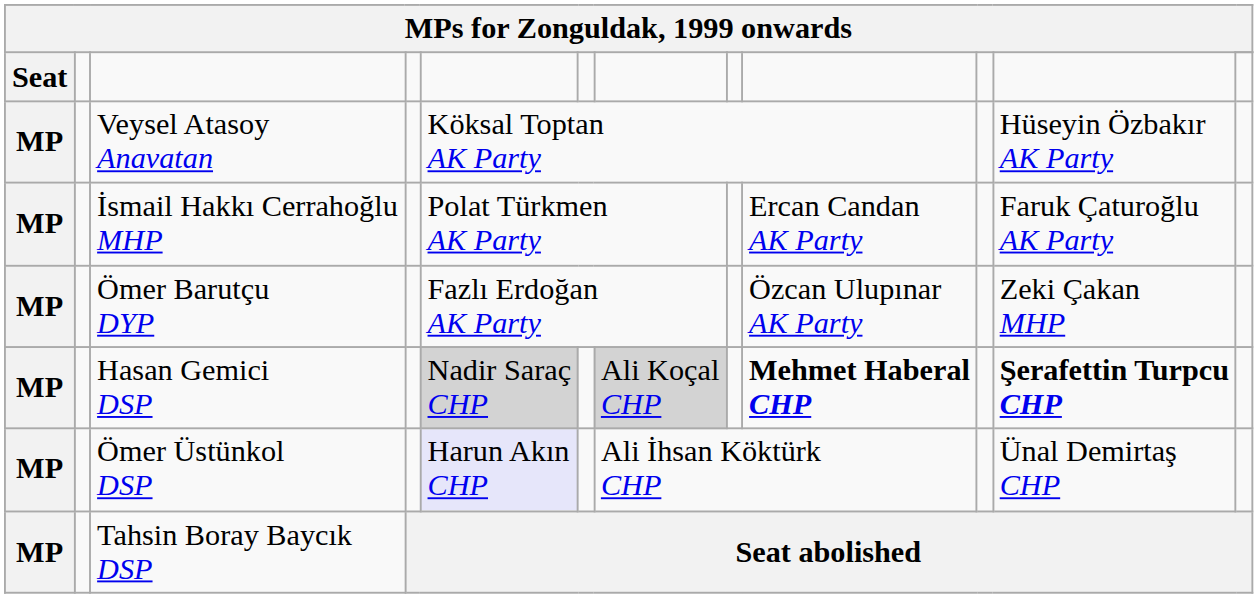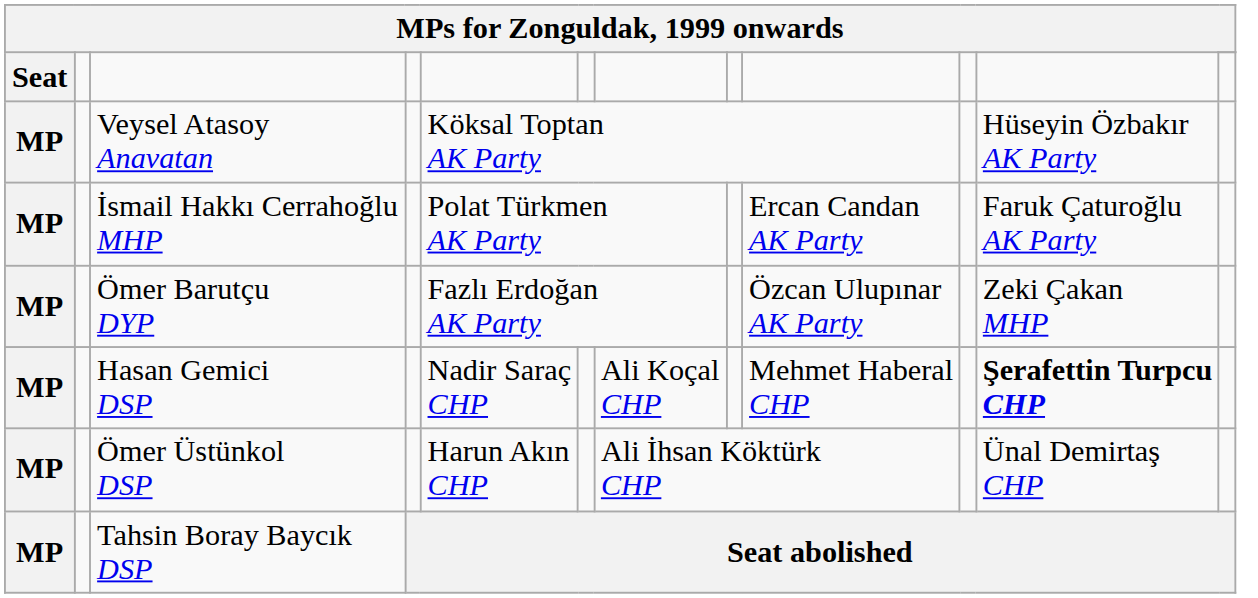 <table class="wikitable">
 <tr>
 <th colspan = 12>MPs for Zonguldak, 1999 onwards</th>
 </tr>
 <tr>
 <th rowspan = 2>Seat</th>
 <td rowspan="2" style="width:1px;"></td>
 <td rowspan = 2></td>
 <td rowspan="2" style="width:1px;"></td>
 <td rowspan = 2></td>
 <td rowspan="2" style="width:1px;"></td>
 <td rowspan = 2></td>
 <td rowspan="2" style="width:1px;"></td>
 <td rowspan = 2></td>
 <td rowspan="2" style="width:1px;"></td>
 <td rowspan = 2></td>
 </tr>
 <tr>
 <td></td>
 </tr>
 <tr>
 <th>MP</th>
 <td width=1px style="background-color: "></td>
 <td colspan = 1>Veysel Atasoy<br><em><a href='#'>Anavatan</a></em></td>
 <td width=1px style="background-color: "></td>
 <td colspan = 5>Köksal Toptan<br><em><a href='#'>AK Party</a></em></td>
 <td width=1px style="background-color: "></td>
 <td colspan = 1>Hüseyin Özbakır<br><em><a href='#'>AK Party</a></em></td>
 <td width=1px style="background-color: "></td>
 </tr>
 <tr>
 <th>MP</th>
 <td width=1px style="background-color: "></td>
 <td colspan = 1>İsmail Hakkı Cerrahoğlu<br><em><a href='#'>MHP</a></em></td>
 <td width=1px style="background-color: "></td>
 <td colspan = 3>Polat Türkmen<br><em><a href='#'>AK Party</a></em></td>
 <td width=1px style="background-color: "></td>
 <td colspan = 1>Ercan Candan<br><em><a href='#'>AK Party</a></em></td>
 <td width=1px style="background-color: "></td>
 <td colspan = 1>Faruk Çaturoğlu<br><em><a href='#'>AK Party</a></em></td>
 <td width=1px style="background-color: "></td>
 </tr>
 <tr>
 <th>MP</th>
 <td width=1px style="background-color: "></td>
 <td colspan = 1>Ömer Barutçu<br><em><a href='#'>DYP</a></em></td>
 <td width=1px style="background-color: "></td>
 <td colspan = 3>Fazlı Erdoğan<br><em><a href='#'>AK Party</a></em></td>
 <td width=1px style="background-color: "></td>
 <td colspan = 1>Özcan Ulupınar<br><em><a href='#'>AK Party</a></em></td>
 <td width=1px style="background-color: "></td>
 <td colspan = 1>Zeki Çakan<br><em><a href='#'>MHP</a></em></td>
 <td width=1px style="background-color: "></td>
 </tr>
 <tr>
 <th>MP</th>
 <td width=1px style="background-color: "></td>
 <td colspan = 1>Hasan Gemici<br><em><a href='#'>DSP</a></em></td>
 <td width=1px style="background-color: "></td>
-<td colspan = 1 style="background: lightgrey;">Nadir Saraç<br><em><a href='#'>CHP</a></em></td>
+<td colspan = 1>Nadir Saraç<br><em><a href='#'>CHP</a></em></td>
 <td width=1px style="background-color: "></td>
-<td colspan = 1 style="background: lightgrey;">Ali Koçal<br><em><a href='#'>CHP</a></em></td>
+<td colspan = 1>Ali Koçal<br><em><a href='#'>CHP</a></em></td>
 <td width=1px style="background-color: "></td>
-<td colspan = 1><strong>Mehmet Haberal<br><em><a href='#'>CHP</a></em></strong></td>
+<td colspan = 1>Mehmet Haberal<br><em><a href='#'>CHP</a></em></td>
 <td width=1px style="background-color: "></td>
 <td colspan = 1><strong>Şerafettin Turpcu<br><em><a href='#'>CHP</a></em></strong></td>
 <td width=1px style="background-color: "></td>
 </tr>
 <tr>
 <th>MP</th>
 <td width=1px style="background-color: "></td>
 <td colspan = 1>Ömer Üstünkol<br><em><a href='#'>DSP</a></em></td>
 <td width=1px style="background-color: "></td>
-<td colspan = 1 style="background: lavender;">Harun Akın<br><em><a href='#'>CHP</a></em></td>
+<td colspan = 1>Harun Akın<br><em><a href='#'>CHP</a></em></td>
 <td width=1px style="background-color: "></td>
 <td colspan = 3>Ali İhsan Köktürk<br><em><a href='#'>CHP</a></em></td>
 <td width=1px style="background-color: "></td>
 <td colspan = 1>Ünal Demirtaş<br><em><a href='#'>CHP</a></em></td>
 <td width=1px style="background-color: "></td>
 </tr>
 <tr>
 <th>MP</th>
 <td width=1px style="background-color: "></td>
 <td colspan = 1>Tahsin Boray Baycık<br><em><a href='#'>DSP</a></em></td>
 <th colspan = 9>Seat abolished</th>
 </tr>
 </table>
